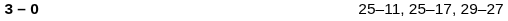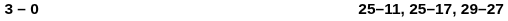 <table width=100% cellspacing=1>
 <tr>
 <th width=20%></th>
 <th width=12%></th>
 <th width=20%></th>
 <th width=33%></th>
 <td></td>
 </tr>
 <tr style=font-size:95%>
 <td align=right><strong></strong></td>
 <td align=center><strong>3 – 0</strong></td>
 <td></td>
-<td>25–11, 25–17, 29–27</td>
+<td><strong>25–11, 25–17, 29–27</strong></td>
 </tr>
 </table>
